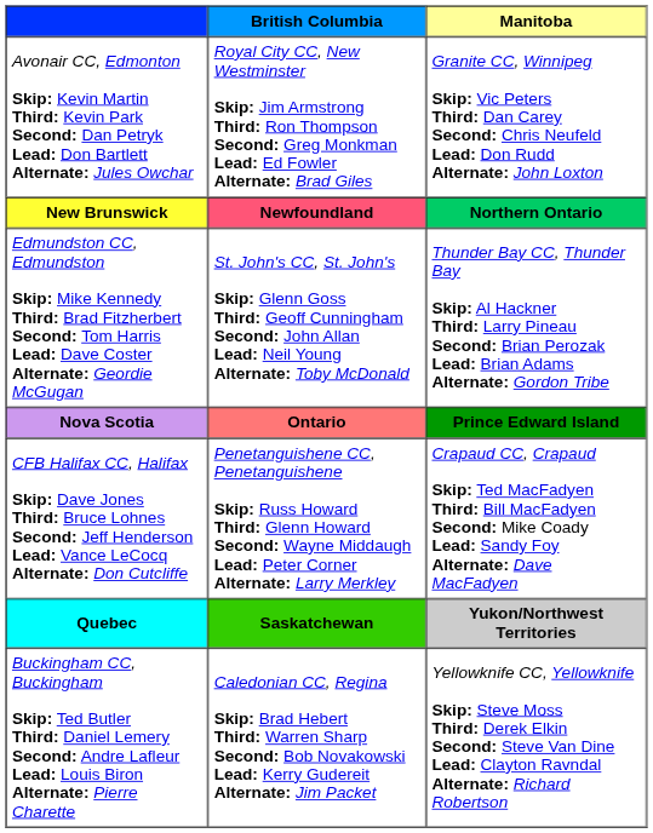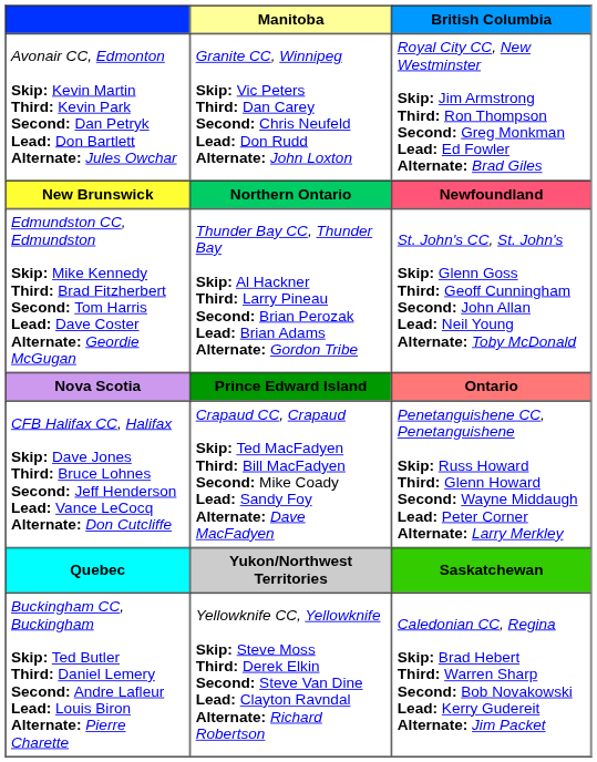 <table border=1 cellpadding=5 cellspacing=0>
 <tr>
 <th style="background:#03f; width:260px;"></th>
+<th style="background:#ff9; width:260px;">Manitoba</th>
 <th style="background:#09f; width:260px;">British Columbia</th>
-<th style="background:#ff9; width:260px;">Manitoba</th>
 </tr>
 <tr>
 <td><em>Avonair CC, <a href='#'>Edmonton</a></em><br><br><strong>Skip:</strong> <a href='#'>Kevin Martin</a> <br> <strong>Third:</strong>  <a href='#'>Kevin Park</a> <br> <strong>Second:</strong> <a href='#'>Dan Petryk</a> <br> <strong>Lead:</strong> <a href='#'>Don Bartlett</a> <br> <strong>Alternate:</strong> <em><a href='#'>Jules Owchar</a></em></td>
+<td><em><a href='#'>Granite CC</a>, <a href='#'>Winnipeg</a></em><br><br><strong>Skip:</strong> <a href='#'>Vic Peters</a> <br> <strong>Third:</strong> <a href='#'>Dan Carey</a> <br> <strong>Second:</strong> <a href='#'>Chris Neufeld</a> <br> <strong>Lead:</strong> <a href='#'>Don Rudd</a> <br> <strong>Alternate:</strong> <em><a href='#'>John Loxton</a></em></td>
 <td><em><a href='#'>Royal City CC</a>, <a href='#'>New Westminster</a></em><br><br><strong>Skip:</strong> <a href='#'>Jim Armstrong</a> <br> <strong>Third:</strong> <a href='#'>Ron Thompson</a> <br> <strong>Second:</strong> <a href='#'>Greg Monkman</a> <br> <strong>Lead:</strong> <a href='#'>Ed Fowler</a> <br> <strong>Alternate:</strong> <em><a href='#'>Brad Giles</a></em></td>
-<td><em><a href='#'>Granite CC</a>, <a href='#'>Winnipeg</a></em><br><br><strong>Skip:</strong> <a href='#'>Vic Peters</a> <br> <strong>Third:</strong> <a href='#'>Dan Carey</a> <br> <strong>Second:</strong> <a href='#'>Chris Neufeld</a> <br> <strong>Lead:</strong> <a href='#'>Don Rudd</a> <br> <strong>Alternate:</strong> <em><a href='#'>John Loxton</a></em></td>
 </tr>
 <tr>
 <th style="background:#ff3; width:250px;">New Brunswick</th>
+<th style="background:#0c6; width:250px;">Northern Ontario</th>
 <th style="background:#f57; width:250px;">Newfoundland</th>
-<th style="background:#0c6; width:250px;">Northern Ontario</th>
 </tr>
 <tr>
 <td><em><a href='#'>Edmundston CC</a>, <a href='#'>Edmundston</a></em><br><br><strong>Skip:</strong> <a href='#'>Mike Kennedy</a> <br> <strong>Third:</strong> <a href='#'>Brad Fitzherbert</a> <br> <strong>Second:</strong> <a href='#'>Tom Harris</a> <br> <strong>Lead:</strong> <a href='#'>Dave Coster</a> <br> <strong>Alternate:</strong> <em><a href='#'>Geordie McGugan</a></em></td>
+<td><em><a href='#'>Thunder Bay CC</a>, <a href='#'>Thunder Bay</a></em><br><br><strong>Skip:</strong> <a href='#'>Al Hackner</a> <br> <strong>Third:</strong> <a href='#'>Larry Pineau</a> <br> <strong>Second:</strong> <a href='#'>Brian Perozak</a> <br> <strong>Lead:</strong> <a href='#'>Brian Adams</a> <br> <strong>Alternate:</strong> <em><a href='#'>Gordon Tribe</a></em></td>
 <td><em><a href='#'>St. John's CC</a>, <a href='#'>St. John's</a></em><br><br><strong>Skip:</strong> <a href='#'>Glenn Goss</a> <br> <strong>Third:</strong> <a href='#'>Geoff Cunningham</a> <br> <strong>Second:</strong> <a href='#'>John Allan</a> <br> <strong>Lead:</strong> <a href='#'>Neil Young</a> <br> <strong>Alternate:</strong> <em><a href='#'>Toby McDonald</a></em></td>
-<td><em><a href='#'>Thunder Bay CC</a>, <a href='#'>Thunder Bay</a></em><br><br><strong>Skip:</strong> <a href='#'>Al Hackner</a> <br> <strong>Third:</strong> <a href='#'>Larry Pineau</a> <br> <strong>Second:</strong> <a href='#'>Brian Perozak</a> <br> <strong>Lead:</strong> <a href='#'>Brian Adams</a> <br> <strong>Alternate:</strong> <em><a href='#'>Gordon Tribe</a></em></td>
 </tr>
 <tr>
 <th style="background:#c9e; width:250px;">Nova Scotia</th>
+<th style="background:#090; width:250px;">Prince Edward Island</th>
 <th style="background:#f77; width:250px;">Ontario</th>
-<th style="background:#090; width:250px;">Prince Edward Island</th>
 </tr>
 <tr>
 <td><em><a href='#'>CFB Halifax CC</a>, <a href='#'>Halifax</a></em><br><br><strong>Skip:</strong> <a href='#'>Dave Jones</a> <br> <strong>Third:</strong> <a href='#'>Bruce Lohnes</a> <br> <strong>Second:</strong> <a href='#'>Jeff Henderson</a> <br> <strong>Lead:</strong> <a href='#'>Vance LeCocq</a> <br> <strong>Alternate:</strong> <em><a href='#'>Don Cutcliffe</a></em></td>
+<td><em><a href='#'>Crapaud CC</a>, <a href='#'>Crapaud</a></em><br><br><strong>Skip:</strong> <a href='#'>Ted MacFadyen</a> <br> <strong>Third:</strong> <a href='#'>Bill MacFadyen</a> <br> <strong>Second:</strong> Mike Coady <br> <strong>Lead:</strong> <a href='#'>Sandy Foy</a> <br> <strong>Alternate:</strong> <em><a href='#'>Dave MacFadyen</a></em></td>
 <td><em><a href='#'>Penetanguishene CC</a>, <a href='#'>Penetanguishene</a></em><br><br><strong>Skip:</strong> <a href='#'>Russ Howard</a> <br> <strong>Third:</strong> <a href='#'>Glenn Howard</a> <br> <strong>Second:</strong> <a href='#'>Wayne Middaugh</a> <br> <strong>Lead:</strong> <a href='#'>Peter Corner</a> <br> <strong>Alternate:</strong> <em><a href='#'>Larry Merkley</a></em></td>
-<td><em><a href='#'>Crapaud CC</a>, <a href='#'>Crapaud</a></em><br><br><strong>Skip:</strong> <a href='#'>Ted MacFadyen</a> <br> <strong>Third:</strong> <a href='#'>Bill MacFadyen</a> <br> <strong>Second:</strong> Mike Coady <br> <strong>Lead:</strong> <a href='#'>Sandy Foy</a> <br> <strong>Alternate:</strong> <em><a href='#'>Dave MacFadyen</a></em></td>
 </tr>
 <tr>
 <th style="background:#0ff; width:250px;">Quebec</th>
+<th style="background:#ccc; width:250px;">Yukon/Northwest Territories</th>
 <th style="background:#3c0; width:250px;">Saskatchewan</th>
-<th style="background:#ccc; width:250px;">Yukon/Northwest Territories</th>
 </tr>
 <tr>
 <td><em><a href='#'>Buckingham CC</a>, <a href='#'>Buckingham</a></em><br><br><strong>Skip:</strong> <a href='#'>Ted Butler</a> <br> <strong>Third:</strong> <a href='#'>Daniel Lemery</a> <br> <strong>Second:</strong> <a href='#'>Andre Lafleur</a> <br> <strong>Lead:</strong> <a href='#'>Louis Biron</a> <br> <strong>Alternate:</strong> <em><a href='#'>Pierre Charette</a></em></td>
+<td><em>Yellowknife CC, <a href='#'>Yellowknife</a></em><br><br><strong>Skip:</strong> <a href='#'>Steve Moss</a> <br> <strong>Third:</strong> <a href='#'>Derek Elkin</a> <br> <strong>Second:</strong> <a href='#'>Steve Van Dine</a> <br> <strong>Lead:</strong> <a href='#'>Clayton Ravndal</a> <br> <strong>Alternate:</strong> <em><a href='#'>Richard Robertson</a></em></td>
 <td><em><a href='#'>Caledonian CC</a>, <a href='#'>Regina</a></em><br><br><strong>Skip:</strong> <a href='#'>Brad Hebert</a> <br> <strong>Third:</strong> <a href='#'>Warren Sharp</a> <br> <strong>Second:</strong> <a href='#'>Bob Novakowski</a> <br> <strong>Lead:</strong> <a href='#'>Kerry Gudereit</a> <br> <strong>Alternate:</strong> <em><a href='#'>Jim Packet</a></em></td>
-<td><em>Yellowknife CC, <a href='#'>Yellowknife</a></em><br><br><strong>Skip:</strong> <a href='#'>Steve Moss</a> <br> <strong>Third:</strong> <a href='#'>Derek Elkin</a> <br> <strong>Second:</strong> <a href='#'>Steve Van Dine</a> <br> <strong>Lead:</strong> <a href='#'>Clayton Ravndal</a> <br> <strong>Alternate:</strong> <em><a href='#'>Richard Robertson</a></em></td>
 </tr>
 </table>
